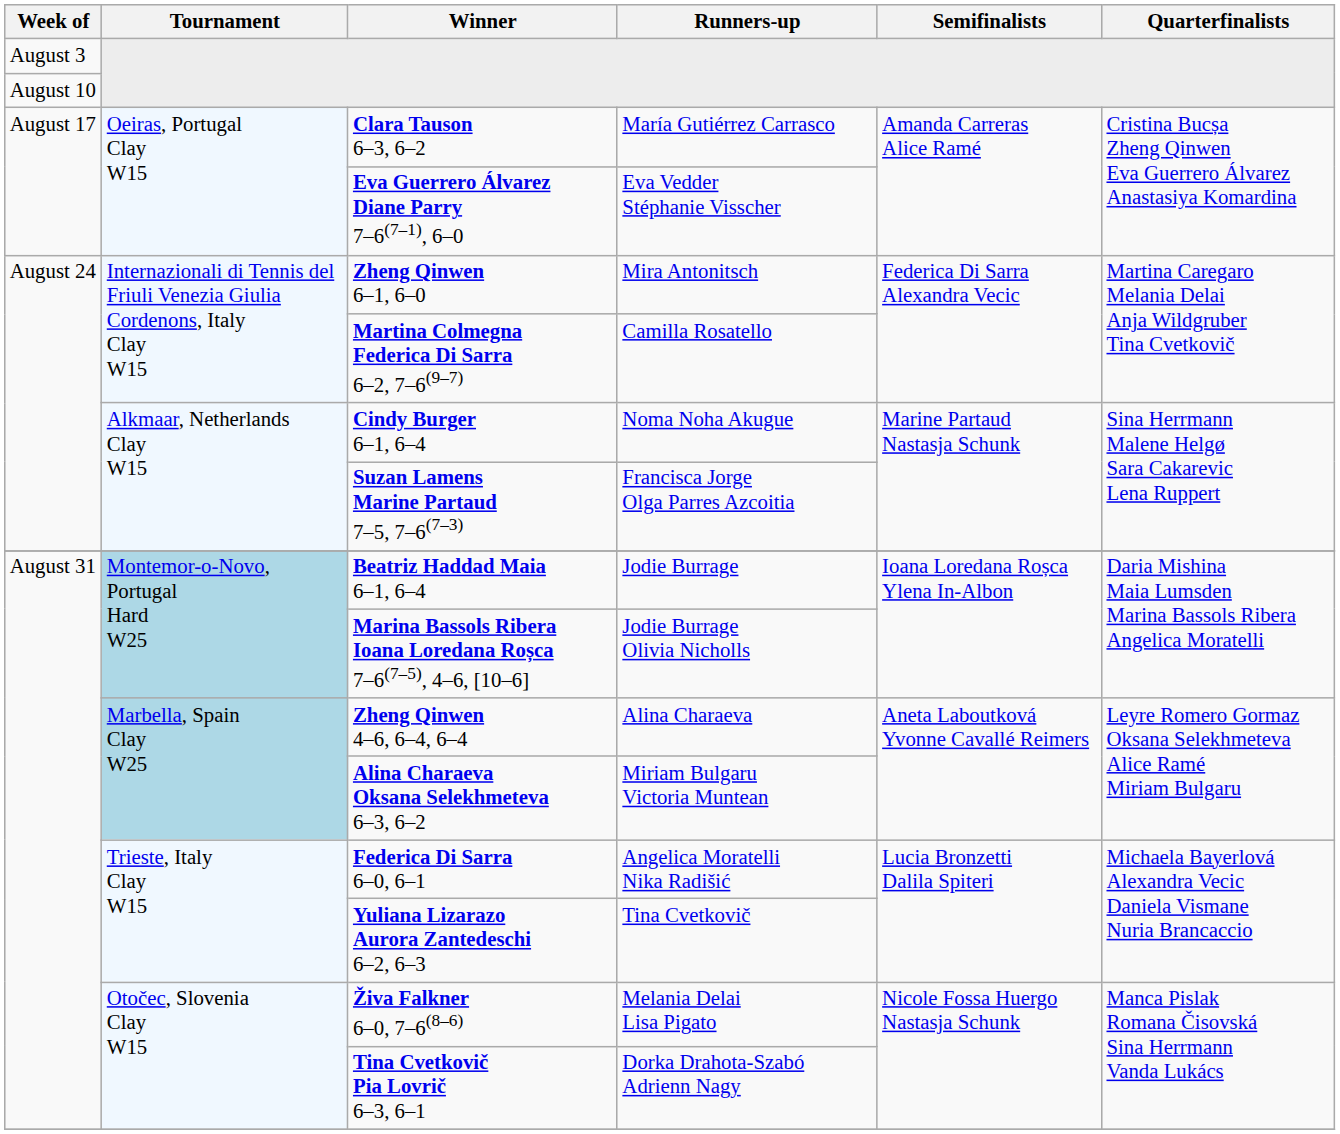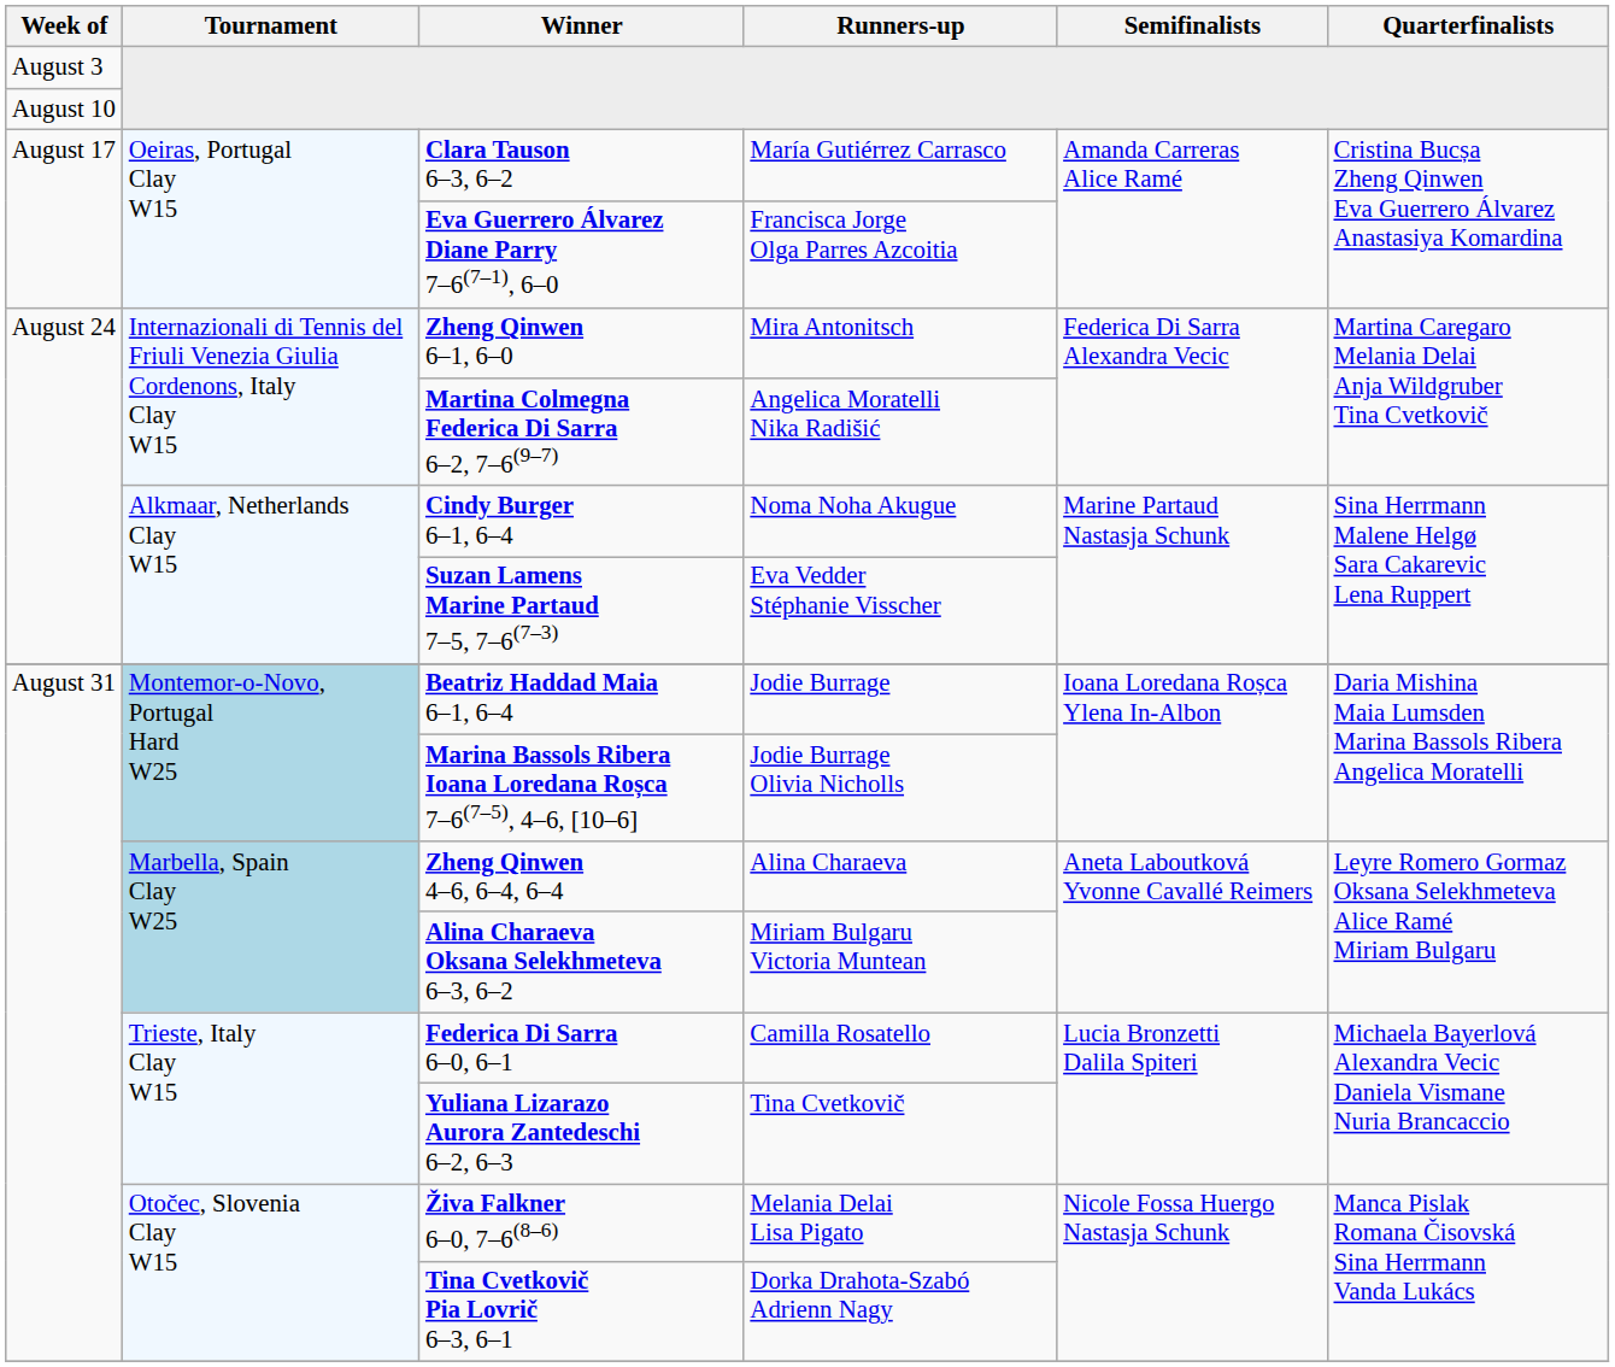 <table class="wikitable" style="font-size:85%;">
 <tr>
 <th width="65">Week of</th>
 <th style="width:190px;">Tournament</th>
 <th style="width:210px;">Winner</th>
 <th style="width:210px;">Runners-up</th>
 <th style="width:170px;">Semifinalists</th>
 <th style="width:170px;">Quarterfinalists</th>
 </tr>
 <tr valign=top>
 <td rowspan=1>August 3</td>
 <td colspan=5 rowspan=2 bgcolor="#ededed"></td>
 </tr>
 <tr valign=top>
 <td rowspan=1>August 10</td>
 </tr>
 <tr valign=top>
 <td rowspan=2>August 17</td>
 <td rowspan="2" style="background:#f0f8ff;"><a href='#'>Oeiras</a>, Portugal <br> Clay <br> W15 <br> </td>
 <td><strong> <a href='#'>Clara Tauson</a></strong> <br> 6–3, 6–2</td>
 <td> <a href='#'>María Gutiérrez Carrasco</a></td>
 <td rowspan=2> <a href='#'>Amanda Carreras</a> <br>  <a href='#'>Alice Ramé</a></td>
 <td rowspan=2> <a href='#'>Cristina Bucșa</a> <br>  <a href='#'>Zheng Qinwen</a> <br>  <a href='#'>Eva Guerrero Álvarez</a> <br>  <a href='#'>Anastasiya Komardina</a></td>
 </tr>
 <tr valign=top>
 <td><strong> <a href='#'>Eva Guerrero Álvarez</a> <br>  <a href='#'>Diane Parry</a></strong> <br> 7–6<sup>(7–1)</sup>, 6–0</td>
-<td> <a href='#'>Eva Vedder</a> <br>  <a href='#'>Stéphanie Visscher</a></td>
+<td> <a href='#'>Francisca Jorge</a> <br>  <a href='#'>Olga Parres Azcoitia</a></td>
 </tr>
 <tr valign=top>
 <td rowspan=4>August 24</td>
 <td rowspan="2" style="background:#f0f8ff;"><a href='#'>Internazionali di Tennis del Friuli Venezia Giulia</a> <br> <a href='#'>Cordenons</a>, Italy <br> Clay <br> W15 <br> </td>
 <td><strong> <a href='#'>Zheng Qinwen</a></strong> <br> 6–1, 6–0</td>
 <td> <a href='#'>Mira Antonitsch</a></td>
 <td rowspan=2> <a href='#'>Federica Di Sarra</a> <br>  <a href='#'>Alexandra Vecic</a></td>
 <td rowspan=2> <a href='#'>Martina Caregaro</a> <br>  <a href='#'>Melania Delai</a> <br>  <a href='#'>Anja Wildgruber</a> <br>  <a href='#'>Tina Cvetkovič</a></td>
 </tr>
 <tr valign=top>
 <td><strong> <a href='#'>Martina Colmegna</a> <br>  <a href='#'>Federica Di Sarra</a></strong> <br> 6–2, 7–6<sup>(9–7)</sup></td>
-<td> <a href='#'>Camilla Rosatello</a></td>
+<td> <a href='#'>Angelica Moratelli</a> <br>  <a href='#'>Nika Radišić</a></td>
 </tr>
 <tr valign=top>
 <td rowspan="2" style="background:#f0f8ff;"><a href='#'>Alkmaar</a>, Netherlands <br> Clay <br> W15 <br> </td>
 <td><strong> <a href='#'>Cindy Burger</a></strong> <br> 6–1, 6–4</td>
 <td> <a href='#'>Noma Noha Akugue</a></td>
 <td rowspan=2> <a href='#'>Marine Partaud</a> <br>  <a href='#'>Nastasja Schunk</a></td>
 <td rowspan=2> <a href='#'>Sina Herrmann</a> <br>  <a href='#'>Malene Helgø</a> <br>  <a href='#'>Sara Cakarevic</a> <br> <a href='#'>Lena Ruppert</a></td>
 </tr>
 <tr valign=top>
 <td><strong> <a href='#'>Suzan Lamens</a> <br>  <a href='#'>Marine Partaud</a></strong> <br> 7–5, 7–6<sup>(7–3)</sup></td>
-<td> <a href='#'>Francisca Jorge</a> <br>  <a href='#'>Olga Parres Azcoitia</a></td>
+<td> <a href='#'>Eva Vedder</a> <br>  <a href='#'>Stéphanie Visscher</a></td>
 </tr>
 <tr valign=top>
 </tr>
 <tr valign=top>
 <td rowspan=8>August 31</td>
 <td rowspan="2" style="background: lightblue;"><a href='#'>Montemor-o-Novo</a>, Portugal <br> Hard <br> W25 <br> </td>
 <td><strong> <a href='#'>Beatriz Haddad Maia</a></strong> <br> 6–1, 6–4</td>
 <td> <a href='#'>Jodie Burrage</a></td>
 <td rowspan=2> <a href='#'>Ioana Loredana Roșca</a> <br>  <a href='#'>Ylena In-Albon</a></td>
 <td rowspan=2> <a href='#'>Daria Mishina</a> <br>  <a href='#'>Maia Lumsden</a> <br>  <a href='#'>Marina Bassols Ribera</a> <br>  <a href='#'>Angelica Moratelli</a></td>
 </tr>
 <tr valign=top>
 <td><strong> <a href='#'>Marina Bassols Ribera</a> <br>  <a href='#'>Ioana Loredana Roșca</a></strong> <br> 7–6<sup>(7–5)</sup>, 4–6, [10–6]</td>
 <td> <a href='#'>Jodie Burrage</a> <br>  <a href='#'>Olivia Nicholls</a></td>
 </tr>
 <tr valign=top>
 <td rowspan="2" style="background: lightblue;"><a href='#'>Marbella</a>, Spain <br> Clay <br> W25 <br> </td>
 <td><strong> <a href='#'>Zheng Qinwen</a></strong> <br> 4–6, 6–4, 6–4</td>
 <td> <a href='#'>Alina Charaeva</a></td>
 <td rowspan=2> <a href='#'>Aneta Laboutková</a> <br>  <a href='#'>Yvonne Cavallé Reimers</a></td>
 <td rowspan=2> <a href='#'>Leyre Romero Gormaz</a> <br>  <a href='#'>Oksana Selekhmeteva</a> <br>  <a href='#'>Alice Ramé</a> <br>  <a href='#'>Miriam Bulgaru</a></td>
 </tr>
 <tr valign=top>
 <td><strong> <a href='#'>Alina Charaeva</a> <br>  <a href='#'>Oksana Selekhmeteva</a></strong> <br> 6–3, 6–2</td>
 <td> <a href='#'>Miriam Bulgaru</a> <br>  <a href='#'>Victoria Muntean</a></td>
 </tr>
 <tr valign=top>
 <td rowspan="2" style="background:#f0f8ff;"><a href='#'>Trieste</a>, Italy <br> Clay <br> W15 <br> </td>
 <td><strong> <a href='#'>Federica Di Sarra</a></strong> <br> 6–0, 6–1</td>
-<td> <a href='#'>Angelica Moratelli</a> <br>  <a href='#'>Nika Radišić</a></td>
+<td> <a href='#'>Camilla Rosatello</a></td>
 <td rowspan=2> <a href='#'>Lucia Bronzetti</a> <br>  <a href='#'>Dalila Spiteri</a></td>
 <td rowspan=2> <a href='#'>Michaela Bayerlová</a> <br>  <a href='#'>Alexandra Vecic</a> <br>  <a href='#'>Daniela Vismane</a> <br>  <a href='#'>Nuria Brancaccio</a></td>
 </tr>
 <tr valign=top>
 <td><strong> <a href='#'>Yuliana Lizarazo</a> <br>   <a href='#'>Aurora Zantedeschi</a></strong> <br> 6–2, 6–3</td>
 <td> <a href='#'>Tina Cvetkovič</a></td>
 </tr>
 <tr valign=top>
 <td rowspan="2" style="background:#f0f8ff;"><a href='#'>Otočec</a>, Slovenia <br> Clay <br> W15 <br> </td>
 <td><strong> <a href='#'>Živa Falkner</a></strong> <br> 6–0, 7–6<sup>(8–6)</sup></td>
 <td> <a href='#'>Melania Delai</a> <br>   <a href='#'>Lisa Pigato</a></td>
 <td rowspan=2> <a href='#'>Nicole Fossa Huergo</a> <br>  <a href='#'>Nastasja Schunk</a></td>
 <td rowspan=2> <a href='#'>Manca Pislak</a> <br>  <a href='#'>Romana Čisovská</a> <br>  <a href='#'>Sina Herrmann</a> <br>  <a href='#'>Vanda Lukács</a></td>
 </tr>
 <tr valign=top>
 <td><strong> <a href='#'>Tina Cvetkovič</a> <br>  <a href='#'>Pia Lovrič</a></strong> <br> 6–3, 6–1</td>
 <td> <a href='#'>Dorka Drahota-Szabó</a> <br>  <a href='#'>Adrienn Nagy</a></td>
 </tr>
 <tr valign=top>
 </tr>
 </table>
